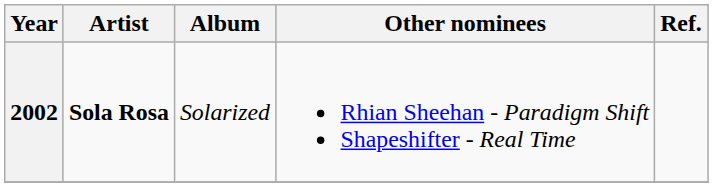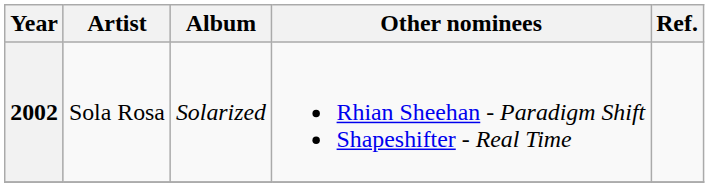 <table class="wikitable sortable">
 <tr>
 <th scope="col">Year</th>
 <th scope="col">Artist</th>
 <th scope="col">Album</th>
 <th scope="col" class=unsortable>Other nominees</th>
 <th scope="col" class=unsortable>Ref.</th>
 </tr>
 <tr>
 <th scope="row">2002</th>
-<td><strong>Sola Rosa</strong></td>
+<td>Sola Rosa</td>
 <td><em>Solarized</em></td>
 <td><br><ul><li><a href='#'>Rhian Sheehan</a> - <em>Paradigm Shift</em></li><li><a href='#'>Shapeshifter</a> - <em>Real Time</em></li></ul></td>
 <td align="center"></td>
 </tr>
 <tr>
 </tr>
 </table>
